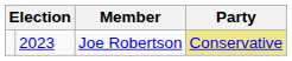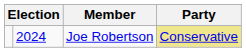 <table class="wikitable">
 <tr>
 <th colspan="2">Election</th>
 <th>Member</th>
 <th>Party</th>
 </tr>
 <tr>
 <td style="color:inherit;background-color: "></td>
-<td><a href='#'>2023</a></td>
+<td><a href='#'>2024</a></td>
 <td><a href='#'>Joe Robertson</a></td>
 <td style="background: khaki;"><a href='#'>Conservative</a></td>
 </tr>
 </table>
